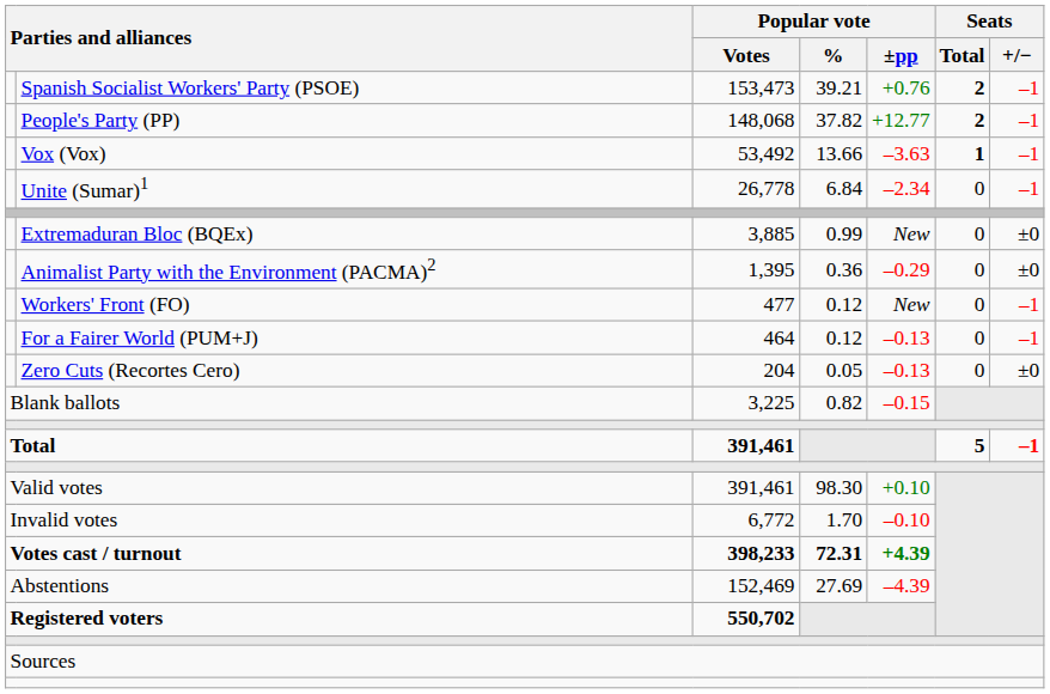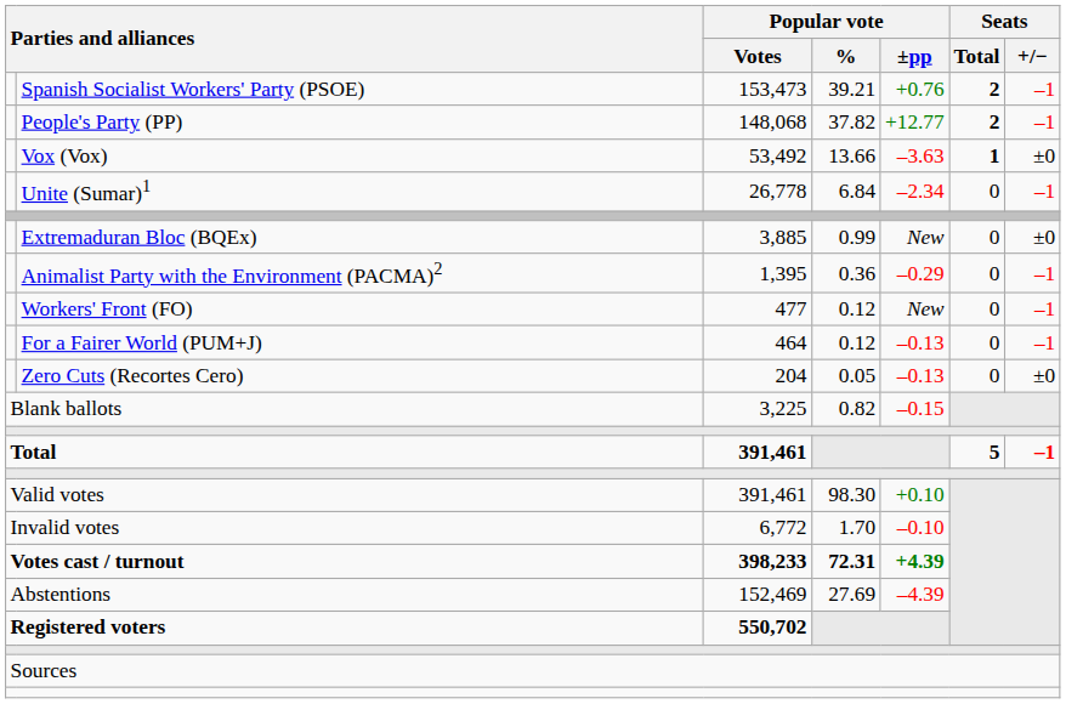 <table class="wikitable" style="text-align:right;">
 <tr>
 <th style="text-align:left;" rowspan="2" colspan="2" width="525">Parties and alliances</th>
 <th colspan="3">Popular vote</th>
 <th colspan="2">Seats</th>
 </tr>
 <tr>
 <th width="75">Votes</th>
 <th width="45">%</th>
 <th width="45">±<a href='#'>pp</a></th>
 <th width="35">Total</th>
 <th width="35">+/−</th>
 </tr>
 <tr>
 <td width="1" style="color:inherit;background:"></td>
 <td align="left"><a href='#'>Spanish Socialist Workers' Party</a> (PSOE)</td>
 <td>153,473</td>
 <td>39.21</td>
 <td style="color:green;">+0.76</td>
 <td><strong>2</strong></td>
 <td style="color:red;">–1</td>
 </tr>
 <tr>
 <td style="color:inherit;background:"></td>
 <td align="left"><a href='#'>People's Party</a> (PP)</td>
 <td>148,068</td>
 <td>37.82</td>
 <td style="color:green;">+12.77</td>
 <td><strong>2</strong></td>
 <td style="color:red;">–1</td>
 </tr>
 <tr>
 <td style="color:inherit;background:"></td>
 <td align="left"><a href='#'>Vox</a> (Vox)</td>
 <td>53,492</td>
 <td>13.66</td>
 <td style="color:red;">–3.63</td>
 <td><strong>1</strong></td>
-<td style="color:red;">–1</td>
+<td>±0</td>
 </tr>
 <tr>
 <td style="color:inherit;background:"></td>
 <td align="left"><a href='#'>Unite</a> (Sumar)<sup>1</sup></td>
 <td>26,778</td>
 <td>6.84</td>
 <td style="color:red;">–2.34</td>
 <td>0</td>
 <td style="color:red;">–1</td>
 </tr>
 <tr>
 <td colspan="7" bgcolor="#C0C0C0"></td>
 </tr>
 <tr>
 <td style="color:inherit;background:"></td>
 <td align="left"><a href='#'>Extremaduran Bloc</a> (BQEx)</td>
 <td>3,885</td>
 <td>0.99</td>
 <td><em>New</em></td>
 <td>0</td>
 <td>±0</td>
 </tr>
 <tr>
 <td style="color:inherit;background:"></td>
 <td align="left"><a href='#'>Animalist Party with the Environment</a> (PACMA)<sup>2</sup></td>
 <td>1,395</td>
 <td>0.36</td>
 <td style="color:red;">–0.29</td>
 <td>0</td>
-<td>±0</td>
+<td style="color:red;">–1</td>
 </tr>
 <tr>
 <td style="color:inherit;background:"></td>
 <td align="left"><a href='#'>Workers' Front</a> (FO)</td>
 <td>477</td>
 <td>0.12</td>
 <td><em>New</em></td>
 <td>0</td>
 <td style="color:red;">–1</td>
 </tr>
 <tr>
 <td style="color:inherit;background:"></td>
 <td align="left"><a href='#'>For a Fairer World</a> (PUM+J)</td>
 <td>464</td>
 <td>0.12</td>
 <td style="color:red;">–0.13</td>
 <td>0</td>
 <td style="color:red;">–1</td>
 </tr>
 <tr>
 <td style="color:inherit;background:"></td>
 <td align="left"><a href='#'>Zero Cuts</a> (Recortes Cero)</td>
 <td>204</td>
 <td>0.05</td>
 <td style="color:red;">–0.13</td>
 <td>0</td>
 <td>±0</td>
 </tr>
 <tr>
 <td align="left" colspan="2">Blank ballots</td>
 <td>3,225</td>
 <td>0.82</td>
 <td style="color:red;">–0.15</td>
 <td bgcolor="#E9E9E9" colspan="2"></td>
 </tr>
 <tr>
 <td colspan="7" bgcolor="#E9E9E9"></td>
 </tr>
 <tr style="font-weight:bold;">
 <td align="left" colspan="2">Total</td>
 <td>391,461</td>
 <td bgcolor="#E9E9E9" colspan="2"></td>
 <td>5</td>
 <td style="color:red;">–1</td>
 </tr>
 <tr>
 <td colspan="7" bgcolor="#E9E9E9"></td>
 </tr>
 <tr>
 <td align="left" colspan="2">Valid votes</td>
 <td>391,461</td>
 <td>98.30</td>
 <td style="color:green;">+0.10</td>
 <td bgcolor="#E9E9E9" colspan="2" rowspan="5"></td>
 </tr>
 <tr>
 <td align="left" colspan="2">Invalid votes</td>
 <td>6,772</td>
 <td>1.70</td>
 <td style="color:red;">–0.10</td>
 </tr>
 <tr style="font-weight:bold;">
 <td align="left" colspan="2">Votes cast / turnout</td>
 <td>398,233</td>
 <td>72.31</td>
 <td style="color:green;">+4.39</td>
 </tr>
 <tr>
 <td align="left" colspan="2">Abstentions</td>
 <td>152,469</td>
 <td>27.69</td>
 <td style="color:red;">–4.39</td>
 </tr>
 <tr style="font-weight:bold;">
 <td align="left" colspan="2">Registered voters</td>
 <td>550,702</td>
 <td bgcolor="#E9E9E9" colspan="2"></td>
 </tr>
 <tr>
 <td colspan="7" bgcolor="#E9E9E9"></td>
 </tr>
 <tr>
 <td align="left" colspan="7">Sources</td>
 </tr>
 <tr>
 <td colspan="7" style="text-align:left; max-width:790px;"></td>
 </tr>
 </table>
